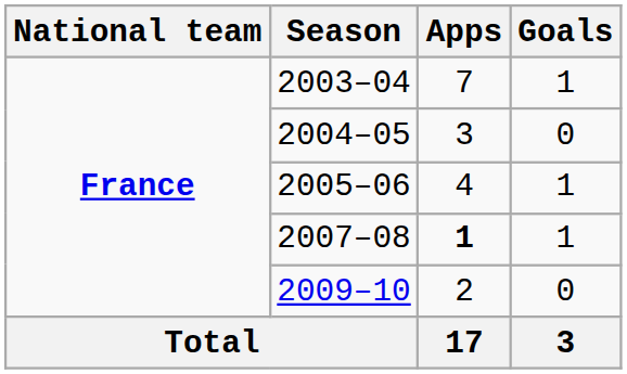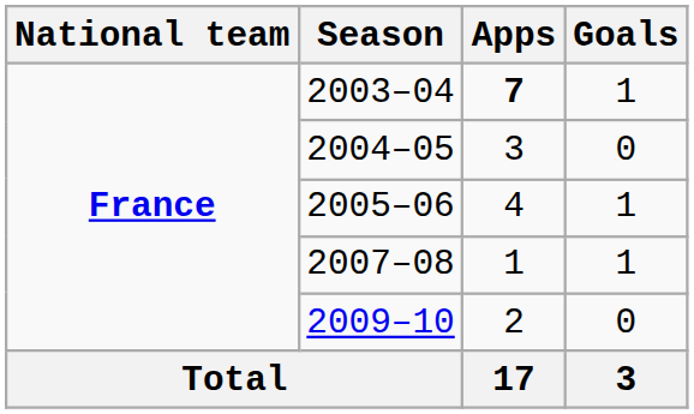 <table class="wikitable" style="text-align:center">
 <tr>
 <th>National team</th>
 <th>Season</th>
 <th>Apps</th>
 <th>Goals</th>
 </tr>
 <tr>
 <td rowspan=5 valign="center"><strong><a href='#'>France</a></strong></td>
 <td>2003–04</td>
-<td>7</td>
+<td><strong>7</strong></td>
 <td>1</td>
 </tr>
 <tr>
 <td>2004–05</td>
 <td>3</td>
 <td>0</td>
 </tr>
 <tr>
 <td>2005–06</td>
 <td>4</td>
 <td>1</td>
 </tr>
 <tr>
 <td>2007–08</td>
-<td><strong>1</strong></td>
+<td>1</td>
 <td>1</td>
 </tr>
 <tr>
 <td><a href='#'>2009–10</a></td>
 <td>2</td>
 <td>0</td>
 </tr>
 <tr>
 <th colspan=2>Total</th>
 <th>17</th>
 <th>3</th>
 </tr>
 </table>
